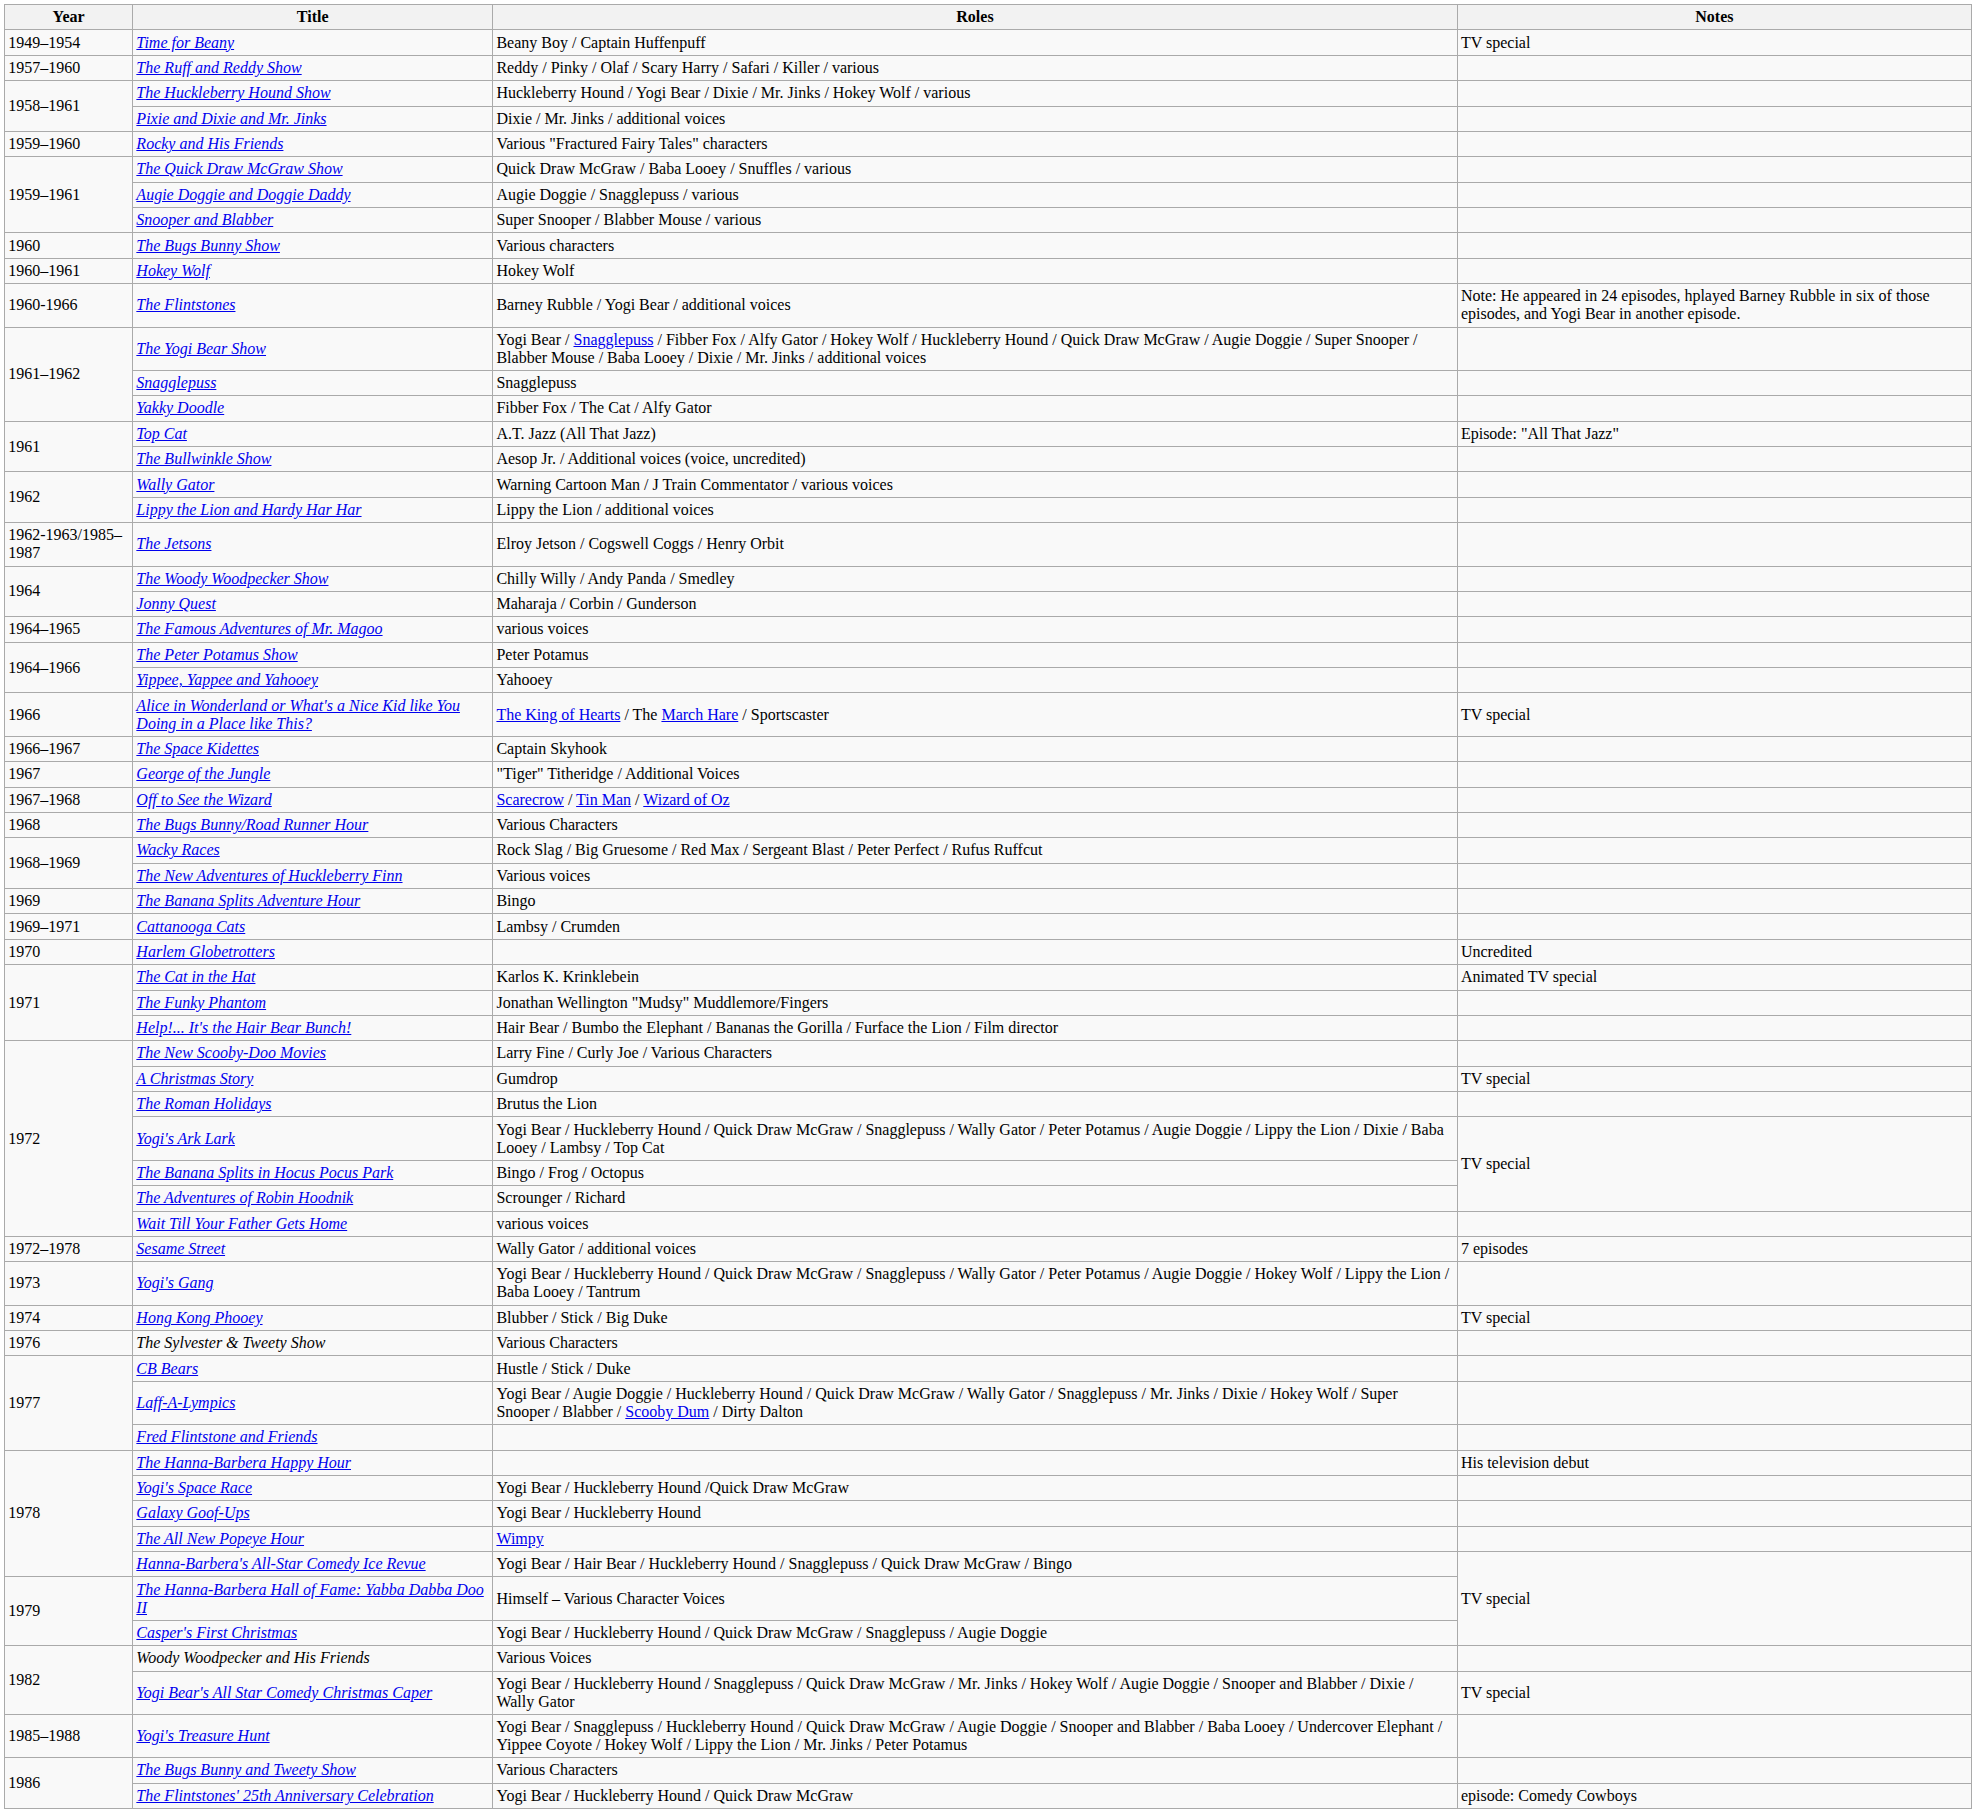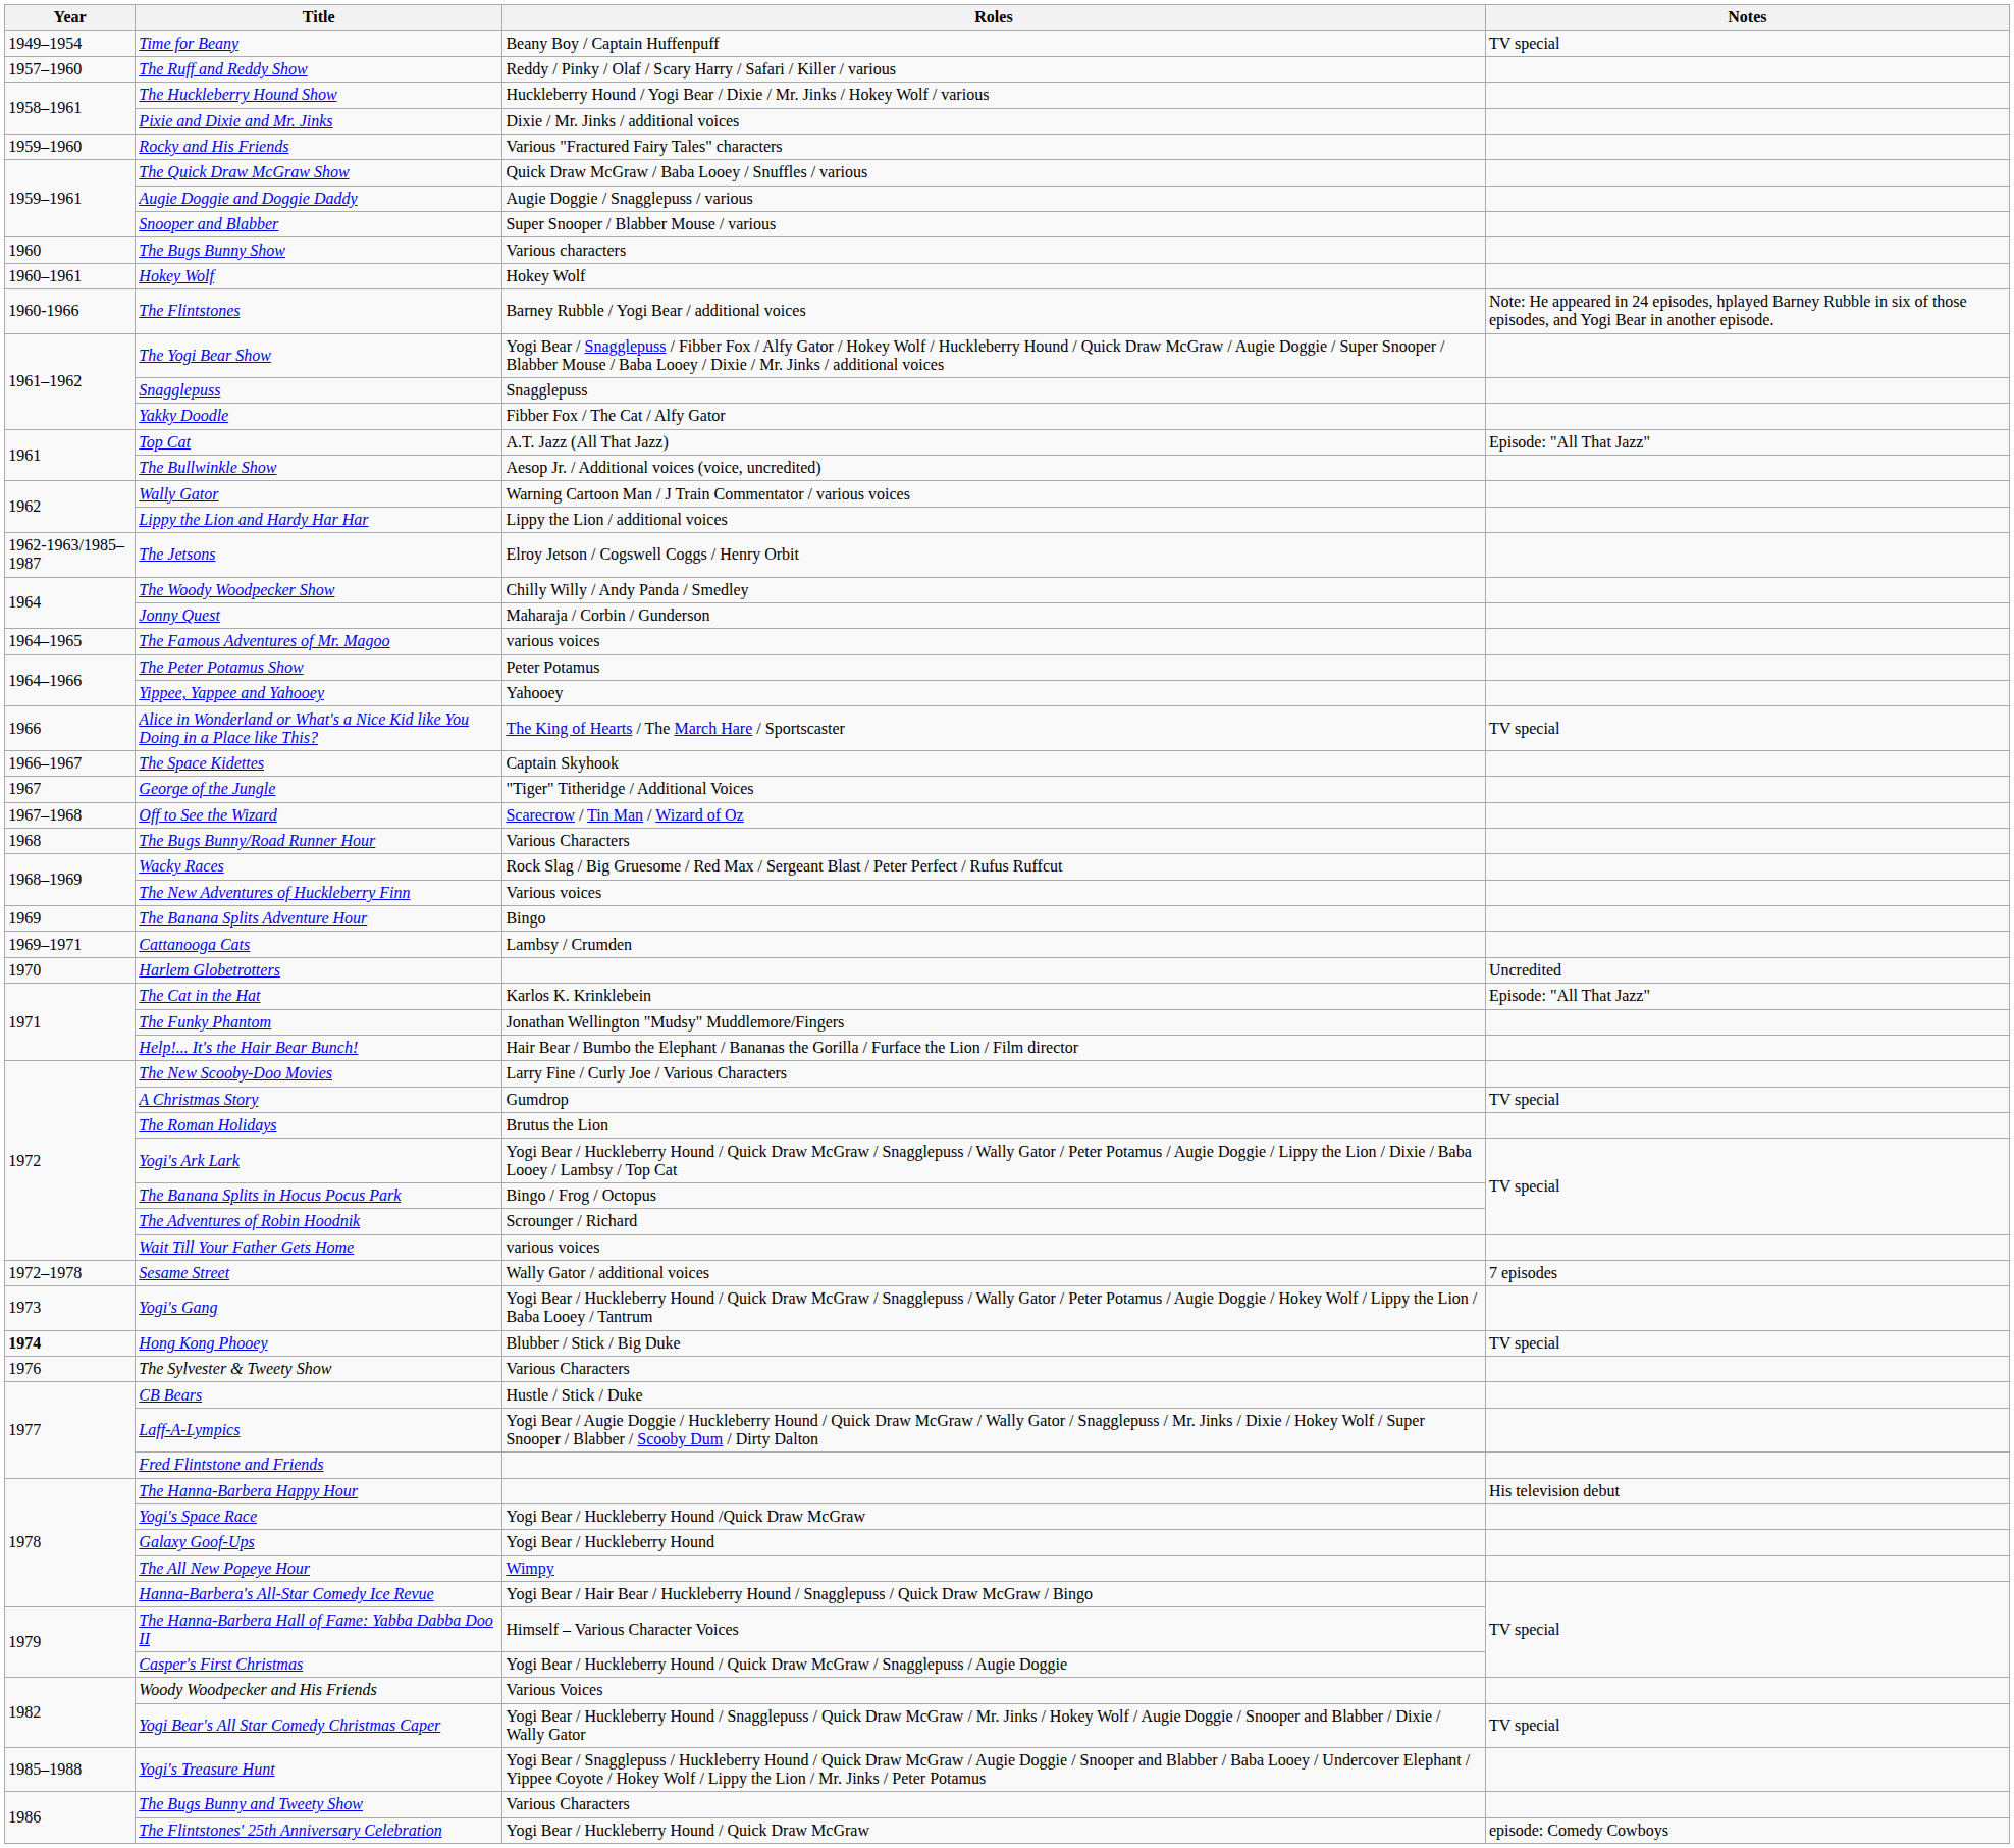 <table class="wikitable">
 <tr style="background:#b0c4de; text-aligb:center;">
 <th>Year</th>
 <th>Title</th>
 <th>Roles</th>
 <th>Notes</th>
 </tr>
 <tr>
 <td>1949–1954</td>
 <td><em><a href='#'>Time for Beany</a></em></td>
 <td>Beany Boy / Captain Huffenpuff</td>
 <td>TV special</td>
 </tr>
 <tr>
 <td>1957–1960</td>
 <td><em><a href='#'>The Ruff and Reddy Show</a></em></td>
 <td>Reddy / Pinky / Olaf / Scary Harry / Safari / Killer / various</td>
 <td></td>
 </tr>
 <tr>
 <td rowspan="2">1958–1961</td>
 <td><em><a href='#'>The Huckleberry Hound Show</a></em></td>
 <td>Huckleberry Hound / Yogi Bear / Dixie / Mr. Jinks / Hokey Wolf / various</td>
 <td></td>
 </tr>
 <tr>
 <td><em><a href='#'>Pixie and Dixie and Mr. Jinks</a></em></td>
 <td>Dixie / Mr. Jinks / additional voices</td>
 <td></td>
 </tr>
 <tr>
 <td>1959–1960</td>
 <td><em><a href='#'>Rocky and His Friends</a></em></td>
 <td>Various "Fractured Fairy Tales" characters</td>
 <td></td>
 </tr>
 <tr>
 <td rowspan="3">1959–1961</td>
 <td><em><a href='#'>The Quick Draw McGraw Show</a></em></td>
 <td>Quick Draw McGraw / Baba Looey / Snuffles / various</td>
 <td></td>
 </tr>
 <tr>
 <td><em><a href='#'>Augie Doggie and Doggie Daddy</a></em></td>
 <td>Augie Doggie / Snagglepuss / various</td>
 <td></td>
 </tr>
 <tr>
 <td><em><a href='#'>Snooper and Blabber</a></em></td>
 <td>Super Snooper / Blabber Mouse / various</td>
 <td></td>
 </tr>
 <tr>
 <td>1960</td>
 <td><em><a href='#'>The Bugs Bunny Show</a></em></td>
 <td>Various characters</td>
 <td></td>
 </tr>
 <tr>
 <td>1960–1961</td>
 <td><em><a href='#'>Hokey Wolf</a></em></td>
 <td>Hokey Wolf</td>
 <td></td>
 </tr>
 <tr>
 <td>1960-1966</td>
 <td><em><a href='#'>The Flintstones</a></em></td>
 <td>Barney Rubble / Yogi Bear / additional voices</td>
 <td>Note: He appeared in 24 episodes, hplayed Barney Rubble in six of those episodes, and Yogi Bear in another episode.</td>
 </tr>
 <tr>
 <td rowspan="3">1961–1962</td>
 <td><em><a href='#'>The Yogi Bear Show</a></em></td>
 <td>Yogi Bear / <a href='#'>Snagglepuss</a> / Fibber Fox / Alfy Gator / Hokey Wolf / Huckleberry Hound / Quick Draw McGraw / Augie Doggie / Super Snooper / Blabber Mouse / Baba Looey / Dixie / Mr. Jinks / additional voices</td>
 <td></td>
 </tr>
 <tr>
 <td><em><a href='#'>Snagglepuss</a></em></td>
 <td>Snagglepuss</td>
 <td></td>
 </tr>
 <tr>
 <td><em><a href='#'>Yakky Doodle</a></em></td>
 <td>Fibber Fox / The Cat / Alfy Gator</td>
 <td></td>
 </tr>
 <tr>
 <td rowspan="2">1961</td>
 <td><em><a href='#'>Top Cat</a></em></td>
 <td>A.T. Jazz (All That Jazz)</td>
 <td>Episode: "All That Jazz"</td>
 </tr>
 <tr>
 <td><em><a href='#'>The Bullwinkle Show</a></em></td>
 <td>Aesop Jr. / Additional voices (voice, uncredited)</td>
 <td></td>
 </tr>
 <tr>
 </tr>
 <tr>
 <td rowspan="2">1962</td>
 <td><em><a href='#'>Wally Gator</a></em></td>
 <td>Warning Cartoon Man / J Train Commentator / various voices</td>
 <td></td>
 </tr>
 <tr>
 <td><em><a href='#'>Lippy the Lion and Hardy Har Har</a></em></td>
 <td>Lippy the Lion / additional voices</td>
 <td></td>
 </tr>
 <tr>
 <td>1962-1963/1985–1987</td>
 <td><em><a href='#'>The Jetsons</a></em></td>
 <td>Elroy Jetson / Cogswell Coggs / Henry Orbit</td>
 <td></td>
 </tr>
 <tr>
 <td rowspan="2">1964</td>
 <td><em><a href='#'>The Woody Woodpecker Show</a></em></td>
 <td>Chilly Willy / Andy Panda / Smedley</td>
 <td></td>
 </tr>
 <tr>
 <td><em><a href='#'>Jonny Quest</a></em></td>
 <td>Maharaja / Corbin / Gunderson</td>
 <td></td>
 </tr>
 <tr>
 <td>1964–1965</td>
 <td><em><a href='#'>The Famous Adventures of Mr. Magoo</a></em></td>
 <td>various voices</td>
 <td></td>
 </tr>
 <tr>
 <td rowspan="2">1964–1966</td>
 <td><em><a href='#'>The Peter Potamus Show</a></em></td>
 <td>Peter Potamus</td>
 <td></td>
 </tr>
 <tr>
 <td><em><a href='#'>Yippee, Yappee and Yahooey</a></em></td>
 <td>Yahooey</td>
 <td></td>
 </tr>
 <tr>
 <td>1966</td>
 <td><em><a href='#'>Alice in Wonderland or What's a Nice Kid like You Doing in a Place like This?</a></em></td>
 <td><a href='#'>The King of Hearts</a> / The <a href='#'>March Hare</a> / Sportscaster</td>
 <td>TV special</td>
 </tr>
 <tr>
 <td>1966–1967</td>
 <td><em><a href='#'>The Space Kidettes</a></em></td>
 <td>Captain Skyhook</td>
 <td></td>
 </tr>
 <tr>
 <td>1967</td>
 <td><em><a href='#'>George of the Jungle</a></em></td>
 <td>"Tiger" Titheridge / Additional Voices</td>
 <td></td>
 </tr>
 <tr>
 <td>1967–1968</td>
 <td><em><a href='#'>Off to See the Wizard</a></em></td>
 <td><a href='#'>Scarecrow</a> / <a href='#'>Tin Man</a> / <a href='#'>Wizard of Oz</a></td>
 <td></td>
 </tr>
 <tr>
 <td>1968</td>
 <td><em><a href='#'>The Bugs Bunny/Road Runner Hour</a></em></td>
 <td>Various Characters</td>
 <td></td>
 </tr>
 <tr>
 <td rowspan="2">1968–1969</td>
 <td><em><a href='#'>Wacky Races</a></em></td>
 <td>Rock Slag / Big Gruesome / Red Max / Sergeant Blast / Peter Perfect / Rufus Ruffcut</td>
 <td></td>
 </tr>
 <tr>
 <td><em><a href='#'>The New Adventures of Huckleberry Finn</a></em></td>
 <td>Various voices</td>
 <td></td>
 </tr>
 <tr>
 <td>1969</td>
 <td><em><a href='#'>The Banana Splits Adventure Hour</a></em></td>
 <td>Bingo</td>
 <td></td>
 </tr>
 <tr>
 <td>1969–1971</td>
 <td><em><a href='#'>Cattanooga Cats</a></em></td>
 <td>Lambsy / Crumden</td>
 <td></td>
 </tr>
 <tr>
 <td>1970</td>
 <td><em><a href='#'>Harlem Globetrotters</a></em></td>
 <td></td>
 <td>Uncredited</td>
 </tr>
 <tr>
 <td rowspan="3">1971</td>
 <td><em><a href='#'>The Cat in the Hat</a></em></td>
 <td>Karlos K. Krinklebein</td>
-<td>Animated TV special</td>
+<td>Episode: "All That Jazz"</td>
 </tr>
 <tr>
 <td><em><a href='#'>The Funky Phantom</a></em></td>
 <td>Jonathan Wellington "Mudsy" Muddlemore/Fingers</td>
 <td></td>
 </tr>
 <tr>
 <td><em><a href='#'>Help!... It's the Hair Bear Bunch!</a></em></td>
 <td>Hair Bear / Bumbo the Elephant / Bananas the Gorilla / Furface the Lion / Film director</td>
 <td></td>
 </tr>
 <tr>
 <td rowspan="7">1972</td>
 <td><em><a href='#'>The New Scooby-Doo Movies</a></em></td>
 <td>Larry Fine / Curly Joe / Various Characters</td>
 <td></td>
 </tr>
 <tr>
 <td><em><a href='#'>A Christmas Story</a></em></td>
 <td>Gumdrop</td>
 <td>TV special</td>
 </tr>
 <tr>
 <td><em><a href='#'>The Roman Holidays</a></em></td>
 <td>Brutus the Lion</td>
 <td></td>
 </tr>
 <tr>
 <td><em><a href='#'>Yogi's Ark Lark</a></em></td>
 <td>Yogi Bear / Huckleberry Hound / Quick Draw McGraw / Snagglepuss / Wally Gator / Peter Potamus / Augie Doggie / Lippy the Lion / Dixie / Baba Looey / Lambsy / Top Cat</td>
 <td rowspan="3">TV special</td>
 </tr>
 <tr>
 <td><em><a href='#'>The Banana Splits in Hocus Pocus Park</a></em></td>
 <td>Bingo / Frog / Octopus</td>
 </tr>
 <tr>
 <td><em><a href='#'>The Adventures of Robin Hoodnik</a></em></td>
 <td>Scrounger / Richard</td>
 </tr>
 <tr>
 <td><em><a href='#'>Wait Till Your Father Gets Home</a></em></td>
 <td>various voices</td>
 <td></td>
 </tr>
 <tr>
 <td>1972–1978</td>
 <td><em><a href='#'>Sesame Street</a></em></td>
 <td>Wally Gator / additional voices</td>
 <td>7 episodes</td>
 </tr>
 <tr>
 <td>1973</td>
 <td><em><a href='#'>Yogi's Gang</a></em></td>
 <td>Yogi Bear / Huckleberry Hound / Quick Draw McGraw / Snagglepuss / Wally Gator / Peter Potamus / Augie Doggie / Hokey Wolf / Lippy the Lion / Baba Looey / Tantrum</td>
 <td></td>
 </tr>
 <tr>
-<td>1974</td>
+<td><strong>1974</strong></td>
 <td><em><a href='#'>Hong Kong Phooey</a></em></td>
 <td>Blubber / Stick / Big Duke</td>
 <td>TV special</td>
 </tr>
 <tr>
 <td>1976</td>
 <td><em>The Sylvester & Tweety Show</em></td>
 <td>Various Characters</td>
 <td></td>
 </tr>
 <tr>
 <td rowspan="3">1977</td>
 <td><em><a href='#'>CB Bears</a></em></td>
 <td>Hustle / Stick / Duke</td>
 <td></td>
 </tr>
 <tr>
 <td><em><a href='#'>Laff-A-Lympics</a></em></td>
 <td>Yogi Bear / Augie Doggie / Huckleberry Hound / Quick Draw McGraw / Wally Gator / Snagglepuss / Mr. Jinks / Dixie / Hokey Wolf / Super Snooper / Blabber / <a href='#'>Scooby Dum</a> / Dirty Dalton</td>
 <td></td>
 </tr>
 <tr>
 <td><em><a href='#'>Fred Flintstone and Friends</a></em></td>
 <td></td>
 <td></td>
 </tr>
 <tr>
 <td rowspan="5">1978</td>
 <td><em><a href='#'>The Hanna-Barbera Happy Hour</a></em></td>
 <td></td>
 <td>His television debut</td>
 </tr>
 <tr>
 <td><em><a href='#'>Yogi's Space Race</a></em></td>
 <td>Yogi Bear / Huckleberry Hound /Quick Draw McGraw</td>
 <td></td>
 </tr>
 <tr>
 <td><em><a href='#'>Galaxy Goof-Ups</a></em></td>
 <td>Yogi Bear / Huckleberry Hound</td>
 <td></td>
 </tr>
 <tr>
 <td><em><a href='#'>The All New Popeye Hour</a></em></td>
 <td><a href='#'>Wimpy</a></td>
 <td></td>
 </tr>
 <tr>
 <td><em><a href='#'>Hanna-Barbera's All-Star Comedy Ice Revue</a></em></td>
 <td>Yogi Bear / Hair Bear / Huckleberry Hound / Snagglepuss / Quick Draw McGraw / Bingo</td>
 <td rowspan="3">TV special</td>
 </tr>
 <tr>
 <td rowspan="2">1979</td>
 <td><em><a href='#'>The Hanna-Barbera Hall of Fame: Yabba Dabba Doo II</a></em></td>
 <td>Himself – Various Character Voices</td>
 </tr>
 <tr>
 <td><em><a href='#'>Casper's First Christmas</a></em></td>
 <td>Yogi Bear / Huckleberry Hound / Quick Draw McGraw / Snagglepuss / Augie Doggie</td>
 </tr>
 <tr>
 <td rowspan="2">1982</td>
 <td><em>Woody Woodpecker and His Friends</em></td>
 <td>Various Voices</td>
 <td></td>
 </tr>
 <tr>
 <td><em><a href='#'>Yogi Bear's All Star Comedy Christmas Caper</a></em></td>
 <td>Yogi Bear / Huckleberry Hound / Snagglepuss / Quick Draw McGraw / Mr. Jinks / Hokey Wolf / Augie Doggie / Snooper and Blabber / Dixie / Wally Gator</td>
 <td>TV special</td>
 </tr>
 <tr>
 <td>1985–1988</td>
 <td><em><a href='#'>Yogi's Treasure Hunt</a></em></td>
 <td>Yogi Bear / Snagglepuss / Huckleberry Hound / Quick Draw McGraw / Augie Doggie / Snooper and Blabber / Baba Looey / Undercover Elephant / Yippee Coyote / Hokey Wolf / Lippy the Lion / Mr. Jinks / Peter Potamus</td>
 <td></td>
 </tr>
 <tr>
 <td rowspan="2">1986</td>
 <td><em><a href='#'>The Bugs Bunny and Tweety Show</a></em></td>
 <td>Various Characters</td>
 <td></td>
 </tr>
 <tr>
 <td><em><a href='#'>The Flintstones' 25th Anniversary Celebration</a></em></td>
 <td>Yogi Bear / Huckleberry Hound / Quick Draw McGraw</td>
 <td>episode: Comedy Cowboys</td>
 </tr>
 <tr>
 </tr>
 </table>
